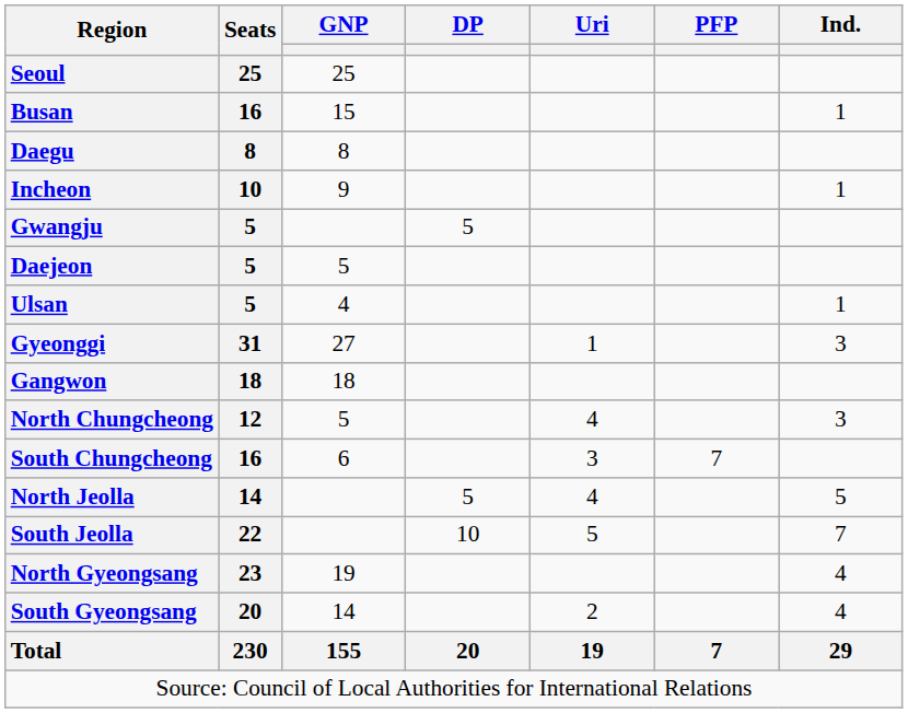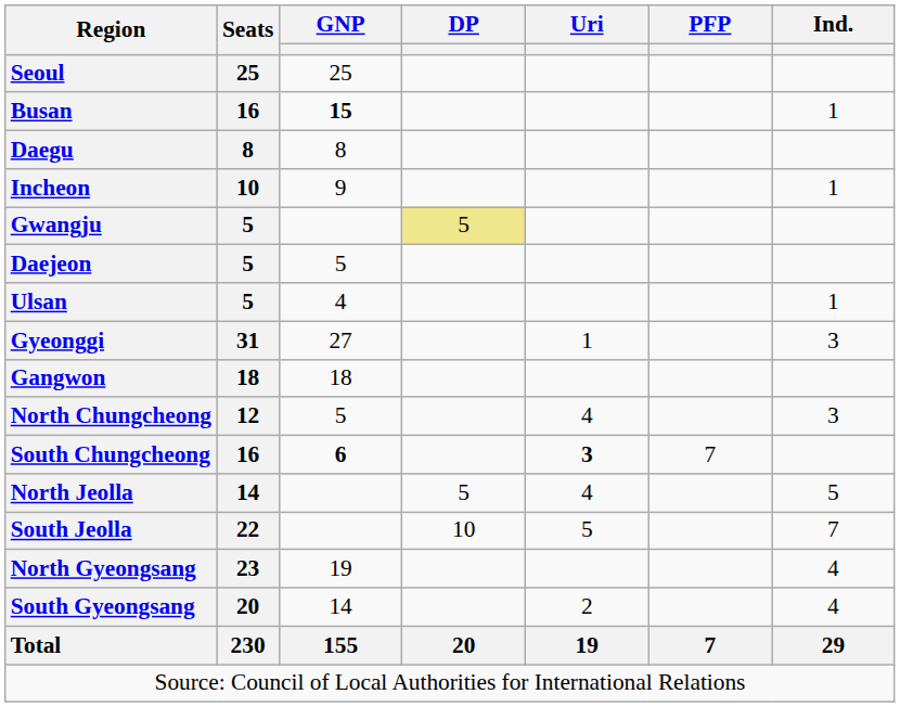 <table class="wikitable" style="text-align:center; font-size: 0.9em;">
 <tr>
 <th rowspan="2">Region</th>
 <th rowspan="2">Seats</th>
 <th class="unsortable" style="width:70px;"><a href='#'>GNP</a></th>
 <th class="unsortable" style="width:70px;"><a href='#'>DP</a></th>
 <th class="unsortable" style="width:70px;"><a href='#'>Uri</a></th>
 <th class="unsortable" style="width:70px;"><a href='#'>PFP</a></th>
 <th class="unsortable" style="width:70px;">Ind.</th>
 </tr>
 <tr>
 <th style="background:"></th>
 <th style="background:"></th>
 <th style="background:"></th>
 <th style="background:"></th>
 <th style="background:"></th>
 </tr>
 <tr>
 <th style="text-align: left;"><a href='#'>Seoul</a></th>
 <th>25</th>
 <td>25</td>
 <td></td>
 <td></td>
 <td></td>
 <td></td>
 </tr>
 <tr>
 <th style="text-align: left;"><a href='#'>Busan</a></th>
 <th>16</th>
-<td>15</td>
+<td><strong>15</strong></td>
 <td></td>
 <td></td>
 <td></td>
 <td>1</td>
 </tr>
 <tr>
 <th style="text-align: left;"><a href='#'>Daegu</a></th>
 <th>8</th>
 <td>8</td>
 <td></td>
 <td></td>
 <td></td>
 <td></td>
 </tr>
 <tr>
 <th style="text-align: left;"><a href='#'>Incheon</a></th>
 <th>10</th>
 <td>9</td>
 <td></td>
 <td></td>
 <td></td>
 <td>1</td>
 </tr>
 <tr>
 <th style="text-align: left;"><a href='#'>Gwangju</a></th>
 <th>5</th>
 <td></td>
-<td>5</td>
+<td style="background: khaki;">5</td>
 <td></td>
 <td></td>
 <td></td>
 </tr>
 <tr>
 <th style="text-align: left;"><a href='#'>Daejeon</a></th>
 <th>5</th>
 <td>5</td>
 <td></td>
 <td></td>
 <td></td>
 <td></td>
 </tr>
 <tr>
 <th style="text-align: left;"><a href='#'>Ulsan</a></th>
 <th>5</th>
 <td>4</td>
 <td></td>
 <td></td>
 <td></td>
 <td>1</td>
 </tr>
 <tr>
 <th style="text-align: left;"><a href='#'>Gyeonggi</a></th>
 <th>31</th>
 <td>27</td>
 <td></td>
 <td>1</td>
 <td></td>
 <td>3</td>
 </tr>
 <tr>
 <th style="text-align: left;"><a href='#'>Gangwon</a></th>
 <th>18</th>
 <td>18</td>
 <td></td>
 <td></td>
 <td></td>
 <td></td>
 </tr>
 <tr>
 <th style="text-align: left;"><a href='#'>North Chungcheong</a></th>
 <th>12</th>
 <td>5</td>
 <td></td>
 <td>4</td>
 <td></td>
 <td>3</td>
 </tr>
 <tr>
 <th style="text-align: left;"><a href='#'>South Chungcheong</a></th>
 <th>16</th>
-<td>6</td>
+<td><strong>6</strong></td>
 <td></td>
-<td>3</td>
+<td><strong>3</strong></td>
 <td>7</td>
 <td></td>
 </tr>
 <tr>
 <th style="text-align: left;"><a href='#'>North Jeolla</a></th>
 <th>14</th>
 <td></td>
 <td>5</td>
 <td>4</td>
 <td></td>
 <td>5</td>
 </tr>
 <tr>
 <th style="text-align: left;"><a href='#'>South Jeolla</a></th>
 <th>22</th>
 <td></td>
 <td>10</td>
 <td>5</td>
 <td></td>
 <td>7</td>
 </tr>
 <tr>
 <th style="text-align: left;"><a href='#'>North Gyeongsang</a></th>
 <th>23</th>
 <td>19</td>
 <td></td>
 <td></td>
 <td></td>
 <td>4</td>
 </tr>
 <tr>
 <th style="text-align: left;"><a href='#'>South Gyeongsang</a></th>
 <th>20</th>
 <td>14</td>
 <td></td>
 <td>2</td>
 <td></td>
 <td>4</td>
 </tr>
 <tr class="sortbottom">
 <th style="text-align: left;">Total</th>
 <th>230</th>
 <th>155</th>
 <th>20</th>
 <th>19</th>
 <th>7</th>
 <th>29</th>
 </tr>
 <tr>
 <td colspan="7">Source: Council of Local Authorities for International Relations</td>
 </tr>
 </table>
